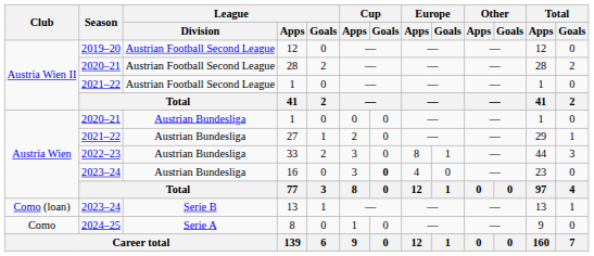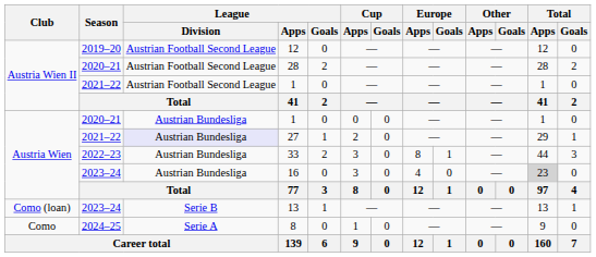 <table class="wikitable" style="text-align: center;">
 <tr>
 <th rowspan="2">Club</th>
 <th rowspan="2">Season</th>
 <th colspan="3">League</th>
 <th colspan="2">Cup</th>
 <th colspan="2">Europe</th>
 <th colspan="2">Other</th>
 <th colspan="2">Total</th>
 </tr>
 <tr>
 <th>Division</th>
 <th>Apps</th>
 <th>Goals</th>
 <th>Apps</th>
 <th>Goals</th>
 <th>Apps</th>
 <th>Goals</th>
 <th>Apps</th>
 <th>Goals</th>
 <th>Apps</th>
 <th>Goals</th>
 </tr>
 <tr>
 <td rowspan="4"><a href='#'>Austria Wien II</a></td>
 <td><a href='#'>2019–20</a></td>
 <td><a href='#'>Austrian Football Second League</a></td>
 <td>12</td>
 <td>0</td>
 <td colspan="2">—</td>
 <td colspan="2">—</td>
 <td colspan="2">—</td>
 <td>12</td>
 <td>0</td>
 </tr>
 <tr>
 <td><a href='#'>2020–21</a></td>
 <td>Austrian Football Second League</td>
 <td>28</td>
 <td>2</td>
 <td colspan="2">—</td>
 <td colspan="2">—</td>
 <td colspan="2">—</td>
 <td>28</td>
 <td>2</td>
 </tr>
 <tr>
 <td><a href='#'>2021–22</a></td>
 <td>Austrian Football Second League</td>
 <td>1</td>
 <td>0</td>
 <td colspan="2">—</td>
 <td colspan="2">—</td>
 <td colspan="2">—</td>
 <td>1</td>
 <td>0</td>
 </tr>
 <tr>
 <th colspan="2">Total</th>
 <th>41</th>
 <th>2</th>
 <th colspan="2">—</th>
 <th colspan="2">—</th>
 <th colspan="2">—</th>
 <th>41</th>
 <th>2</th>
 </tr>
 <tr>
 <td rowspan="5"><a href='#'>Austria Wien</a></td>
 <td><a href='#'>2020–21</a></td>
 <td><a href='#'>Austrian Bundesliga</a></td>
 <td>1</td>
 <td>0</td>
 <td>0</td>
 <td>0</td>
 <td colspan="2">—</td>
 <td colspan="2">—</td>
 <td>1</td>
 <td>0</td>
 </tr>
 <tr>
 <td><a href='#'>2021–22</a></td>
-<td>Austrian Bundesliga</td>
+<td style="background: lavender;">Austrian Bundesliga</td>
 <td>27</td>
 <td>1</td>
 <td>2</td>
 <td>0</td>
 <td colspan="2">—</td>
 <td colspan="2">—</td>
 <td>29</td>
 <td>1</td>
 </tr>
 <tr>
 <td><a href='#'>2022–23</a></td>
 <td>Austrian Bundesliga</td>
 <td>33</td>
 <td>2</td>
 <td>3</td>
 <td>0</td>
 <td>8</td>
 <td>1</td>
 <td colspan="2">—</td>
 <td>44</td>
 <td>3</td>
 </tr>
 <tr>
 <td><a href='#'>2023–24</a></td>
 <td>Austrian Bundesliga</td>
 <td>16</td>
 <td>0</td>
 <td>3</td>
-<td><strong>0</strong></td>
+<td>0</td>
 <td>4</td>
 <td>0</td>
 <td colspan="2">—</td>
-<td>23</td>
+<td style="background: lightgrey;">23</td>
 <td>0</td>
 </tr>
 <tr>
 <th colspan="2">Total</th>
 <th>77</th>
 <th>3</th>
 <th>8</th>
 <th>0</th>
 <th>12</th>
 <th>1</th>
 <th>0</th>
 <th>0</th>
 <th>97</th>
 <th>4</th>
 </tr>
 <tr>
 <td><a href='#'>Como</a> (loan)</td>
 <td><a href='#'>2023–24</a></td>
 <td><a href='#'>Serie B</a></td>
 <td>13</td>
 <td>1</td>
 <td colspan="2">—</td>
 <td colspan="2">—</td>
 <td colspan="2">—</td>
 <td>13</td>
 <td>1</td>
 </tr>
 <tr>
 <td>Como</td>
 <td><a href='#'>2024–25</a></td>
 <td><a href='#'>Serie A</a></td>
 <td>8</td>
 <td>0</td>
 <td>1</td>
 <td>0</td>
 <td colspan="2">—</td>
 <td colspan="2">—</td>
 <td>9</td>
 <td>0</td>
 </tr>
 <tr>
 <th colspan="3">Career total</th>
 <th>139</th>
 <th>6</th>
 <th>9</th>
 <th>0</th>
 <th>12</th>
 <th>1</th>
 <th>0</th>
 <th>0</th>
 <th>160</th>
 <th>7</th>
 </tr>
 </table>
